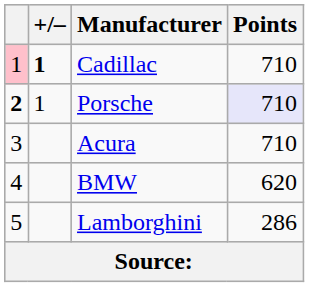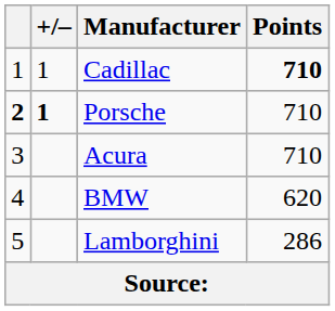 <table class="wikitable" style="font-size: 95%;">
 <tr>
 <th scope="col"></th>
 <th scope="col">+/–</th>
 <th scope="col">Manufacturer</th>
 <th scope="col">Points</th>
 </tr>
 <tr>
-<td align=center style="background: pink;">1</td>
-<td align="left"><strong> 1</strong></td>
+<td align=center>1</td>
+<td align="left"> 1</td>
 <td> <a href='#'>Cadillac</a></td>
-<td align=right>710</td>
+<td align=right><strong>710</strong></td>
 </tr>
 <tr>
 <td align=center><strong>2</strong></td>
-<td align="left"> 1</td>
+<td align="left"><strong> 1</strong></td>
 <td> <a href='#'>Porsche</a></td>
-<td align=right style="background: lavender;">710</td>
+<td align=right>710</td>
 </tr>
 <tr>
 <td align=center>3</td>
 <td align="left"></td>
 <td> <a href='#'>Acura</a></td>
 <td align=right>710</td>
 </tr>
 <tr>
 <td align=center>4</td>
 <td align="left"></td>
 <td> <a href='#'>BMW</a></td>
 <td align=right>620</td>
 </tr>
 <tr>
 <td align=center>5</td>
 <td align="left"></td>
 <td> <a href='#'>Lamborghini</a></td>
 <td align=right>286</td>
 </tr>
 <tr>
 <th colspan=5>Source:</th>
 </tr>
 </table>
